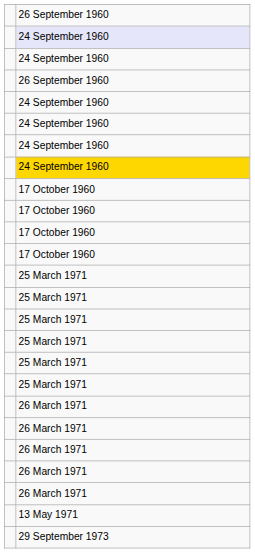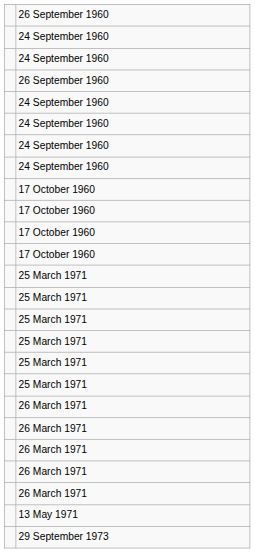 <table class="wikitable" style="font-size: 89%; float: left; width: 24em; margin-right: 1em; line-height: 1.65em">
 <tr>
 <td></td>
 <td>26 September 1960</td>
 </tr>
 <tr>
 <td></td>
-<td style="background: lavender;">24 September 1960</td>
+<td>24 September 1960</td>
 </tr>
 <tr>
 <td></td>
 <td>24 September 1960</td>
 </tr>
 <tr>
 <td></td>
 <td>26 September 1960</td>
 </tr>
 <tr>
 <td></td>
 <td>24 September 1960</td>
 </tr>
 <tr>
 <td></td>
 <td>24 September 1960</td>
 </tr>
 <tr>
 <td></td>
 <td>24 September 1960</td>
 </tr>
 <tr>
 <td></td>
-<td style="background: gold;">24 September 1960</td>
+<td>24 September 1960</td>
 </tr>
 <tr>
 <td></td>
 <td>17 October 1960</td>
 </tr>
 <tr>
 <td></td>
 <td>17 October 1960</td>
 </tr>
 <tr>
 <td></td>
 <td>17 October 1960</td>
 </tr>
 <tr>
 <td></td>
 <td>17 October 1960</td>
 </tr>
 <tr>
 <td></td>
 <td>25 March 1971</td>
 </tr>
 <tr>
 <td></td>
 <td>25 March 1971</td>
 </tr>
 <tr>
 <td></td>
 <td>25 March 1971</td>
 </tr>
 <tr>
 <td></td>
 <td>25 March 1971</td>
 </tr>
 <tr>
 <td></td>
 <td>25 March 1971</td>
 </tr>
 <tr>
 <td></td>
 <td>25 March 1971</td>
 </tr>
 <tr>
 <td></td>
 <td>26 March 1971</td>
 </tr>
 <tr>
 <td></td>
 <td>26 March 1971</td>
 </tr>
 <tr>
 <td></td>
 <td>26 March 1971</td>
 </tr>
 <tr>
 <td></td>
 <td>26 March 1971</td>
 </tr>
 <tr>
 <td></td>
 <td>26 March 1971</td>
 </tr>
 <tr>
 <td></td>
 <td>13 May 1971</td>
 </tr>
 <tr>
 <td></td>
 <td>29 September 1973</td>
 </tr>
 </table>
